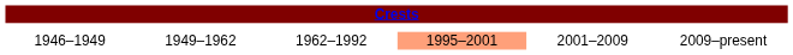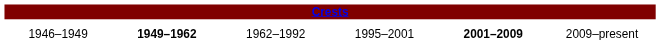 <table style="width:100%;text-align:center;">
 <tr>
 <th colspan="12" style="width:25%; background:maroon;"><span><a href='#'><span>Crests</span></a></span></th>
 </tr>
 <tr>
 <th width=10%></th>
 <th width=10%></th>
 <th width=10%></th>
 <th width=10%></th>
 <th width=10%></th>
 <th width=10%></th>
 </tr>
 <tr>
 <td></td>
 <td></td>
 <td></td>
 <td></td>
 <td></td>
 <td></td>
 </tr>
 <tr>
 <td>1946–1949</td>
-<td>1949–1962</td>
+<td><strong>1949–1962</strong></td>
 <td>1962–1992</td>
-<td style="background: lightsalmon;">1995–2001</td>
-<td>2001–2009</td>
+<td>1995–2001</td>
+<td><strong>2001–2009</strong></td>
 <td>2009–present</td>
 </tr>
 </table>
